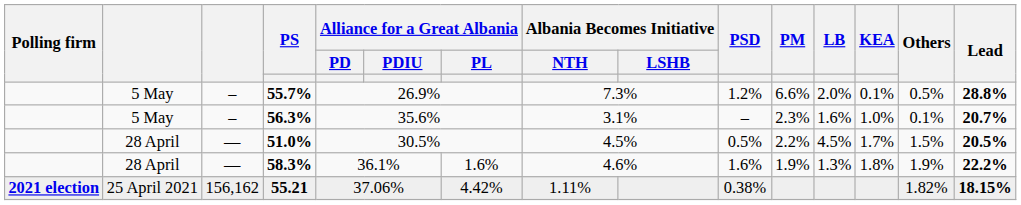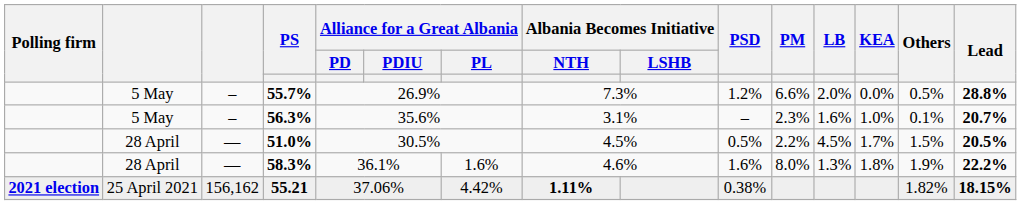 <table class="wikitable sortable tpl-blanktablele" style="text-align:center;font-size:90%;line-height:14px;">
 <tr style="height:40px;">
 <th rowspan="3">Polling firm</th>
 <th rowspan="3"></th>
 <th rowspan="3"></th>
 <th class="unsortable" style="width:40px;" rowspan=2><a href='#'>PS</a></th>
 <th colspan=3><a href='#'>Alliance for a Great Albania</a></th>
 <th colspan=2>Albania Becomes Initiative</th>
 <th class="unsortable" style="width:40px;" rowspan=2><a href='#'>PSD</a></th>
 <th rowspan="2" class="unsortable" style="width:30px;"><a href='#'>PM</a></th>
 <th rowspan="2" class="unsortable" style="width:30px;"><a href='#'>LB</a></th>
 <th rowspan="2" class="unsortable" style="width:30px;"><a href='#'>KEA</a></th>
 <th class="unsortable" style="width:30px;"  rowspan=3>Others</th>
 <th style="width:30px;" rowspan=3><br>Lead</th>
 </tr>
 <tr>
 <th><a href='#'>PD</a></th>
 <th><a href='#'>PDIU</a></th>
 <th><a href='#'>PL</a></th>
 <th><a href='#'>NTH</a></th>
 <th><a href='#'>LSHB</a></th>
 </tr>
 <tr>
 <th style="background:"></th>
 <th style="background:"></th>
 <th style="background:"></th>
 <th style="background:"></th>
 <th style="background:"></th>
 <th style="background:"></th>
 <th style="background:"></th>
 <th style="background:"></th>
 <th style="background:"></th>
 <th style="background:"></th>
 </tr>
 <tr>
 <td></td>
 <td>5 May</td>
 <td>–</td>
 <td><strong>55.7%</strong><br> </td>
 <td colspan="3">26.9%<br> </td>
 <td colspan="2">7.3%<br> </td>
 <td>1.2%<br> </td>
 <td>6.6%<br> </td>
 <td>2.0%<br> </td>
-<td>0.1%<br> </td>
+<td>0.0%<br> </td>
 <td>0.5%</td>
 <td style="background:"><strong>28.8%</strong></td>
 </tr>
 <tr>
 <td></td>
 <td>5 May</td>
 <td>–</td>
 <td><strong>56.3%</strong></td>
 <td colspan="3">35.6%</td>
 <td colspan="2">3.1%</td>
 <td>–</td>
 <td>2.3%</td>
 <td>1.6%</td>
 <td>1.0%</td>
 <td>0.1%</td>
 <td style="background:"><strong>20.7%</strong></td>
 </tr>
 <tr>
 <td></td>
 <td>28 April</td>
 <td>—</td>
 <td><strong>51.0%</strong><br> </td>
 <td colspan="3">30.5%<br> </td>
 <td colspan="2">4.5%<br> </td>
 <td>0.5%<br> </td>
 <td>2.2%<br> </td>
 <td>4.5%<br> </td>
 <td>1.7%<br> </td>
 <td>1.5%</td>
 <td style="background:"><strong>20.5%</strong></td>
 </tr>
 <tr>
 <td></td>
 <td>28 April</td>
 <td>—</td>
 <td><strong>58.3%</strong></td>
 <td colspan="2">36.1%</td>
 <td>1.6%</td>
 <td colspan="2">4.6%</td>
 <td>1.6%</td>
-<td>1.9%</td>
+<td>8.0%</td>
 <td>1.3%</td>
 <td>1.8%</td>
 <td>1.9%</td>
 <td style="background:"><strong>22.2%</strong></td>
 </tr>
 <tr style="background:#EFEFEF">
 <td><strong><a href='#'>2021 election</a></strong></td>
 <td>25 April 2021</td>
 <td>156,162</td>
 <td><strong>55.21</strong> <br> </td>
 <td colspan="2">37.06%<br> </td>
 <td>4.42%<br> </td>
-<td>1.11%<br> </td>
+<td><strong>1.11%<br> </strong></td>
 <td></td>
 <td>0.38%<br> </td>
 <td></td>
 <td></td>
 <td></td>
 <td>1.82%</td>
 <td style="background:"><strong>18.15%</strong></td>
 </tr>
 </table>
